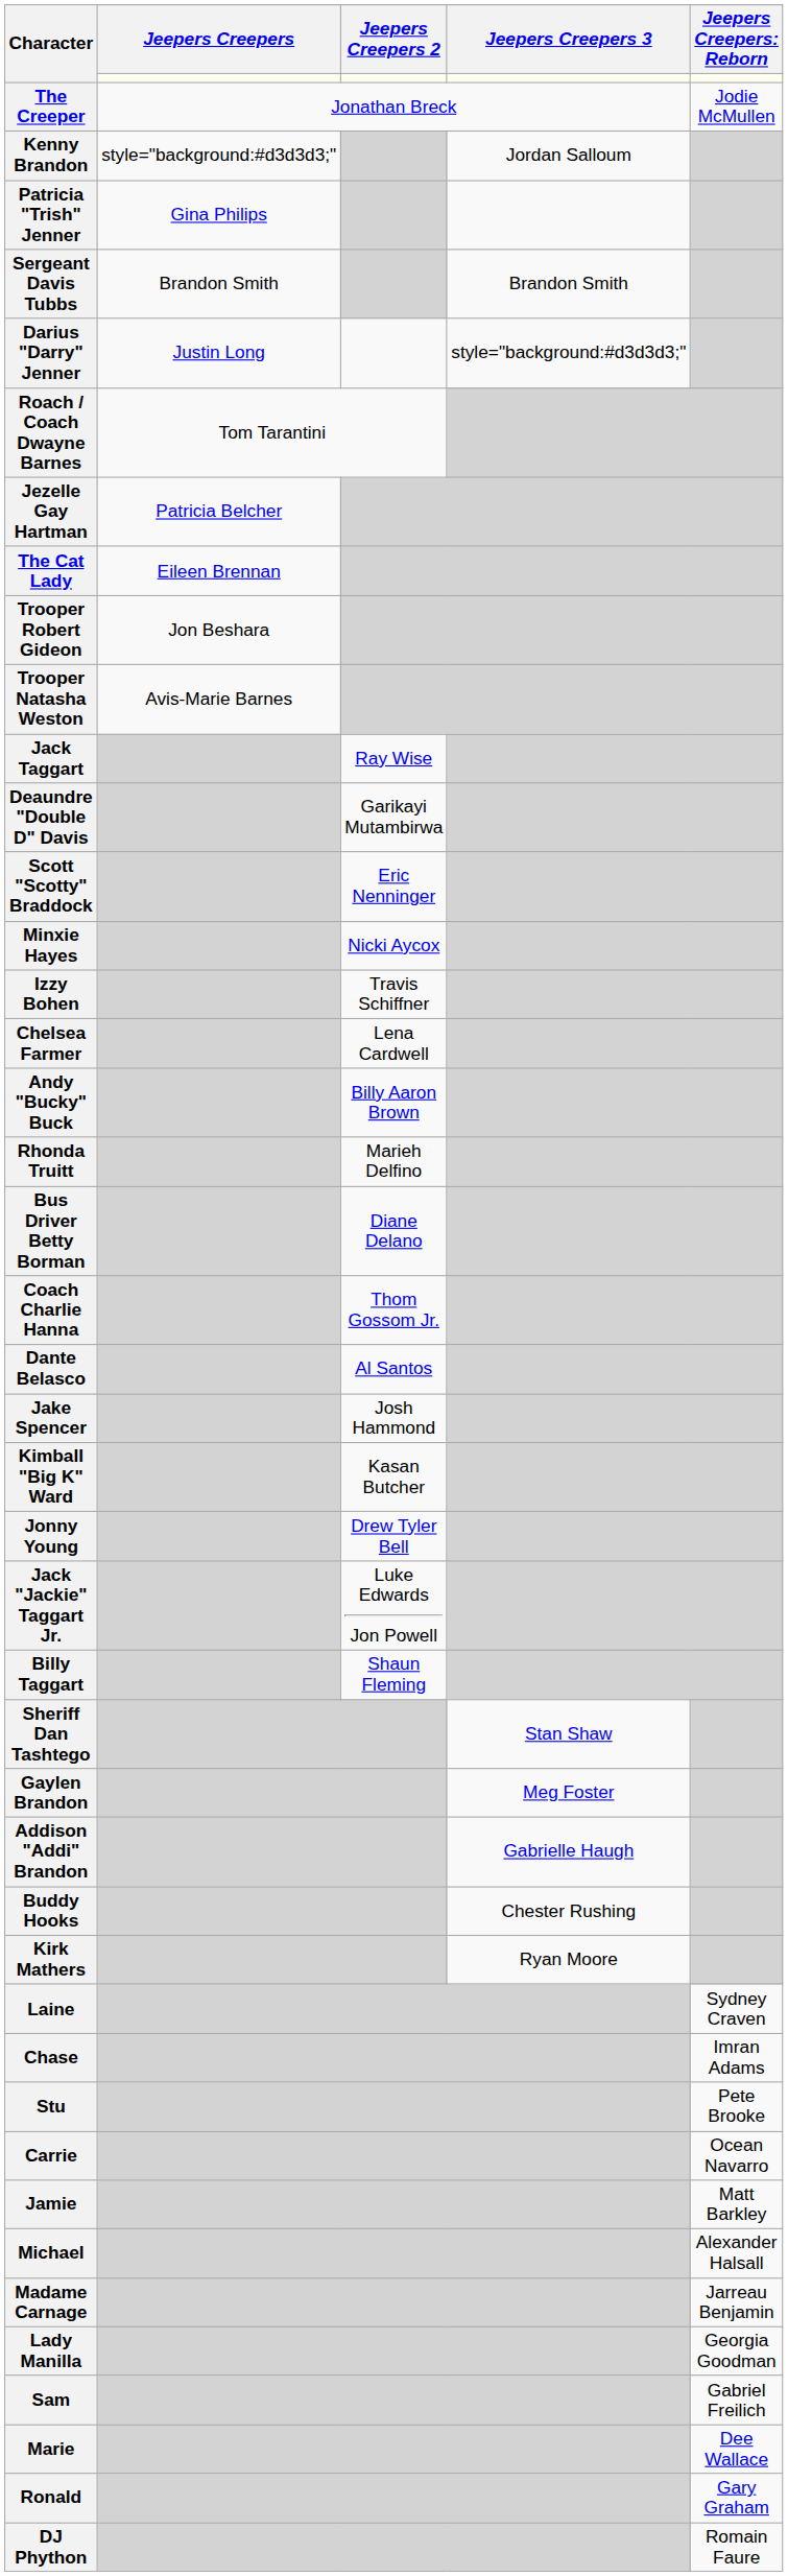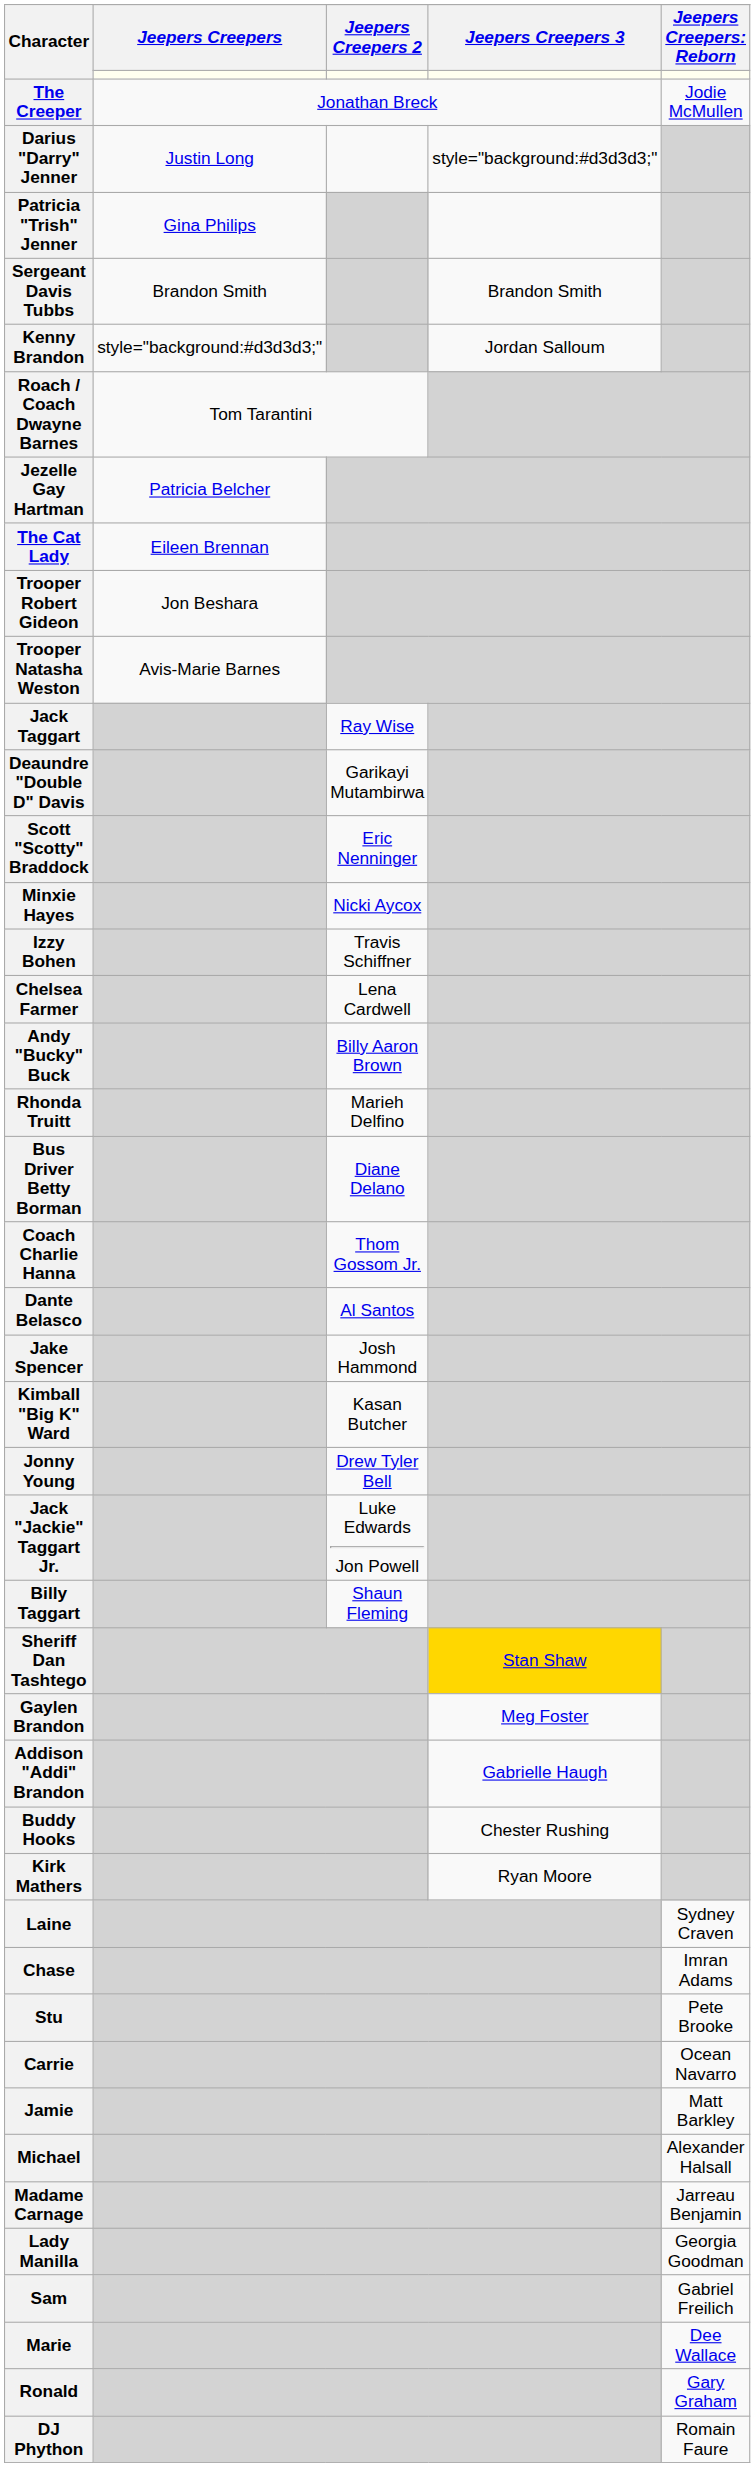 <table class="wikitable" style="text-align: center; width: 100%">
 <tr>
 <th rowspan="3" style="text-align:center; width:22%;">Character</th>
 </tr>
 <tr>
 <th style="text-align:center; width:22%;"><em><a href='#'>Jeepers Creepers</a></em></th>
 <th style="text-align:center; width:22%;"><em><a href='#'>Jeepers Creepers 2</a></em></th>
 <th style="text-align:center; width:22%;"><em><a href='#'>Jeepers Creepers 3</a></em></th>
 <th style="text-align:center; width:12%;"><em><a href='#'>Jeepers Creepers: Reborn</a></em></th>
 </tr>
 <tr>
 <th style="background:ivory;"></th>
 <th style="background:ivory;"></th>
 <th style="background:ivory;"></th>
 <th style="background:ivory;"></th>
 </tr>
 <tr>
 <th scope="row"><a href='#'>The Creeper</a></th>
 <td colspan="3"><a href='#'>Jonathan Breck</a></td>
 <td><a href='#'>Jodie McMullen</a></td>
 </tr>
 <tr>
-<th scope="row">Kenny Brandon</th>
+<th scope="row">Darius "Darry" Jenner</th>
+<td><a href='#'>Justin Long</a></td>
+<td></td>
 <td>style="background:#d3d3d3;" </td>
-<td style="background:#d3d3d3;"></td>
-<td>Jordan Salloum</td>
 <td style="background:#d3d3d3;"></td>
 </tr>
 <tr>
 <th scope="row">Patricia "Trish" Jenner</th>
 <td><a href='#'>Gina Philips</a></td>
 <td style="background:#d3d3d3;"></td>
 <td></td>
 <td style="background:#d3d3d3;"></td>
 </tr>
 <tr>
 <th scope="row">Sergeant Davis Tubbs</th>
 <td>Brandon Smith</td>
 <td style="background:#d3d3d3;"></td>
 <td>Brandon Smith</td>
 <td style="background:#d3d3d3;"></td>
 </tr>
 <tr>
-<th scope="row">Darius "Darry" Jenner</th>
-<td><a href='#'>Justin Long</a></td>
-<td></td>
+<th scope="row">Kenny Brandon</th>
 <td>style="background:#d3d3d3;" </td>
+<td style="background:#d3d3d3;"></td>
+<td>Jordan Salloum</td>
 <td style="background:#d3d3d3;"></td>
 </tr>
 <tr>
 <th scope="row">Roach / Coach Dwayne Barnes</th>
 <td colspan="2">Tom Tarantini</td>
 <td colspan="2" style="background:#d3d3d3;"></td>
 </tr>
 <tr>
 <th scope="row">Jezelle Gay Hartman</th>
 <td><a href='#'>Patricia Belcher</a></td>
 <td colspan="3" style="background:#d3d3d3;"></td>
 </tr>
 <tr>
 <th scope="row"><a href='#'>The Cat Lady</a></th>
 <td><a href='#'>Eileen Brennan</a></td>
 <td colspan="3" style="background:#d3d3d3;"></td>
 </tr>
 <tr>
 <th scope="row">Trooper Robert Gideon</th>
 <td>Jon Beshara</td>
 <td colspan="3" style="background:#d3d3d3;"></td>
 </tr>
 <tr>
 <th scope="row">Trooper Natasha Weston</th>
 <td>Avis-Marie Barnes</td>
 <td colspan="3" style="background:#d3d3d3;"></td>
 </tr>
 <tr>
 <th scope="row">Jack Taggart</th>
 <td style="background:#d3d3d3;"></td>
 <td><a href='#'>Ray Wise</a></td>
 <td colspan="2" style="background:#d3d3d3;"></td>
 </tr>
 <tr>
 <th scope="row">Deaundre "Double D" Davis</th>
 <td style="background:#d3d3d3;"></td>
 <td>Garikayi Mutambirwa</td>
 <td colspan="2" style="background:#d3d3d3;"></td>
 </tr>
 <tr>
 <th scope="row">Scott "Scotty" Braddock</th>
 <td style="background:#d3d3d3;"></td>
 <td><a href='#'>Eric Nenninger</a></td>
 <td colspan="2" style="background:#d3d3d3;"></td>
 </tr>
 <tr>
 <th scope="row">Minxie Hayes</th>
 <td style="background:#d3d3d3;"></td>
 <td><a href='#'>Nicki Aycox</a></td>
 <td colspan="2" style="background:#d3d3d3;"></td>
 </tr>
 <tr>
 <th scope="row">Izzy Bohen</th>
 <td style="background:#d3d3d3;"></td>
 <td>Travis Schiffner</td>
 <td colspan="2" style="background:#d3d3d3;"></td>
 </tr>
 <tr>
 <th scope="row">Chelsea Farmer</th>
 <td style="background:#d3d3d3;"></td>
 <td>Lena Cardwell</td>
 <td colspan="2" style="background:#d3d3d3;"></td>
 </tr>
 <tr>
 <th scope="row">Andy "Bucky" Buck</th>
 <td style="background:#d3d3d3;"></td>
 <td><a href='#'>Billy Aaron Brown</a></td>
 <td colspan="2" style="background:#d3d3d3;"></td>
 </tr>
 <tr>
 <th scope="row">Rhonda Truitt</th>
 <td style="background:#d3d3d3;"></td>
 <td>Marieh Delfino</td>
 <td colspan="2" style="background:#d3d3d3;"></td>
 </tr>
 <tr>
 <th scope="row">Bus Driver Betty Borman</th>
 <td style="background:#d3d3d3;"></td>
 <td><a href='#'>Diane Delano</a></td>
 <td colspan="2" style="background:#d3d3d3;"></td>
 </tr>
 <tr>
 <th scope="row">Coach Charlie Hanna</th>
 <td style="background:#d3d3d3;"></td>
 <td><a href='#'>Thom Gossom Jr.</a></td>
 <td colspan="2" style="background:#d3d3d3;"></td>
 </tr>
 <tr>
 <th scope="row">Dante Belasco</th>
 <td style="background:#d3d3d3;"></td>
 <td><a href='#'>Al Santos</a></td>
 <td colspan="2" style="background:#d3d3d3;"></td>
 </tr>
 <tr>
 <th scope="row">Jake Spencer</th>
 <td style="background:#d3d3d3;"></td>
 <td>Josh Hammond</td>
 <td colspan="2" style="background:#d3d3d3;"></td>
 </tr>
 <tr>
 <th scope="row">Kimball "Big K" Ward</th>
 <td style="background:#d3d3d3;"></td>
 <td>Kasan Butcher</td>
 <td colspan="2" style="background:#d3d3d3;"></td>
 </tr>
 <tr>
 <th scope="row">Jonny Young</th>
 <td style="background:#d3d3d3;"></td>
 <td><a href='#'>Drew Tyler Bell</a></td>
 <td colspan="2" style="background:#d3d3d3;"></td>
 </tr>
 <tr>
 <th scope="row">Jack "Jackie" Taggart Jr.</th>
 <td style="background:#d3d3d3;"></td>
 <td>Luke Edwards<hr>Jon Powell</td>
 <td colspan="2" style="background:#d3d3d3;"></td>
 </tr>
 <tr>
 <th scope="row">Billy Taggart</th>
 <td style="background:#d3d3d3;"></td>
 <td><a href='#'>Shaun Fleming</a></td>
 <td colspan="2" style="background:#d3d3d3;"></td>
 </tr>
 <tr>
 <th scope="row">Sheriff Dan Tashtego</th>
 <td colspan="2" style="background:#d3d3d3;"></td>
-<td><a href='#'>Stan Shaw</a></td>
+<td style="background: gold;"><a href='#'>Stan Shaw</a></td>
 <td style="background:#d3d3d3;"></td>
 </tr>
 <tr>
 <th scope="row">Gaylen Brandon</th>
 <td colspan="2" style="background:#d3d3d3;"></td>
 <td><a href='#'>Meg Foster</a></td>
 <td style="background:#d3d3d3;"></td>
 </tr>
 <tr>
 <th scope="row">Addison "Addi" Brandon</th>
 <td colspan="2" style="background:#d3d3d3;"></td>
 <td><a href='#'>Gabrielle Haugh</a></td>
 <td style="background:#d3d3d3;"></td>
 </tr>
 <tr>
 <th scope="row">Buddy Hooks</th>
 <td colspan="2" style="background:#d3d3d3;"></td>
 <td>Chester Rushing</td>
 <td style="background:#d3d3d3;"></td>
 </tr>
 <tr>
 <th scope="row">Kirk Mathers</th>
 <td colspan="2" style="background:#d3d3d3;"></td>
 <td>Ryan Moore</td>
 <td style="background:#d3d3d3;"></td>
 </tr>
 <tr>
 <th scope="row">Laine</th>
 <td colspan="3" style="background:#d3d3d3;"></td>
 <td>Sydney Craven</td>
 </tr>
 <tr>
 <th scope="row">Chase</th>
 <td colspan="3" style="background:#d3d3d3;"></td>
 <td>Imran Adams</td>
 </tr>
 <tr>
 <th scope="row">Stu</th>
 <td colspan="3" style="background:#d3d3d3;"></td>
 <td>Pete Brooke</td>
 </tr>
 <tr>
 <th scope="row">Carrie</th>
 <td colspan="3" style="background:#d3d3d3;"></td>
 <td>Ocean Navarro</td>
 </tr>
 <tr>
 <th scope="row">Jamie</th>
 <td colspan="3" style="background:#d3d3d3;"></td>
 <td>Matt Barkley</td>
 </tr>
 <tr>
 <th scope="row">Michael</th>
 <td colspan="3" style="background:#d3d3d3;"></td>
 <td>Alexander Halsall</td>
 </tr>
 <tr>
 <th scope="row">Madame Carnage</th>
 <td colspan="3" style="background:#d3d3d3;"></td>
 <td>Jarreau Benjamin</td>
 </tr>
 <tr>
 <th scope="row">Lady Manilla</th>
 <td colspan="3" style="background:#d3d3d3;"></td>
 <td>Georgia Goodman</td>
 </tr>
 <tr>
 <th scope="row">Sam</th>
 <td colspan="3" style="background:#d3d3d3;"></td>
 <td>Gabriel Freilich</td>
 </tr>
 <tr>
 <th scope="row">Marie</th>
 <td colspan="3" style="background:#d3d3d3;"></td>
 <td><a href='#'>Dee Wallace</a></td>
 </tr>
 <tr>
 <th scope="row">Ronald</th>
 <td colspan="3" style="background:#d3d3d3;"></td>
 <td><a href='#'>Gary Graham</a></td>
 </tr>
 <tr>
 <th scope="row">DJ Phython</th>
 <td colspan="3" style="background:#d3d3d3;"></td>
 <td>Romain Faure</td>
 </tr>
 </table>
